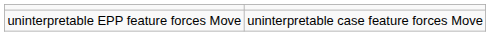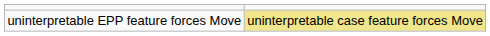 <table class="wikitable">
 <tr>
 <td></td>
 <td></td>
 </tr>
 <tr>
 <td>uninterpretable EPP feature forces Move</td>
-<td>uninterpretable case feature forces Move</td>
+<td style="background: khaki;">uninterpretable case feature forces Move</td>
 </tr>
 </table>
